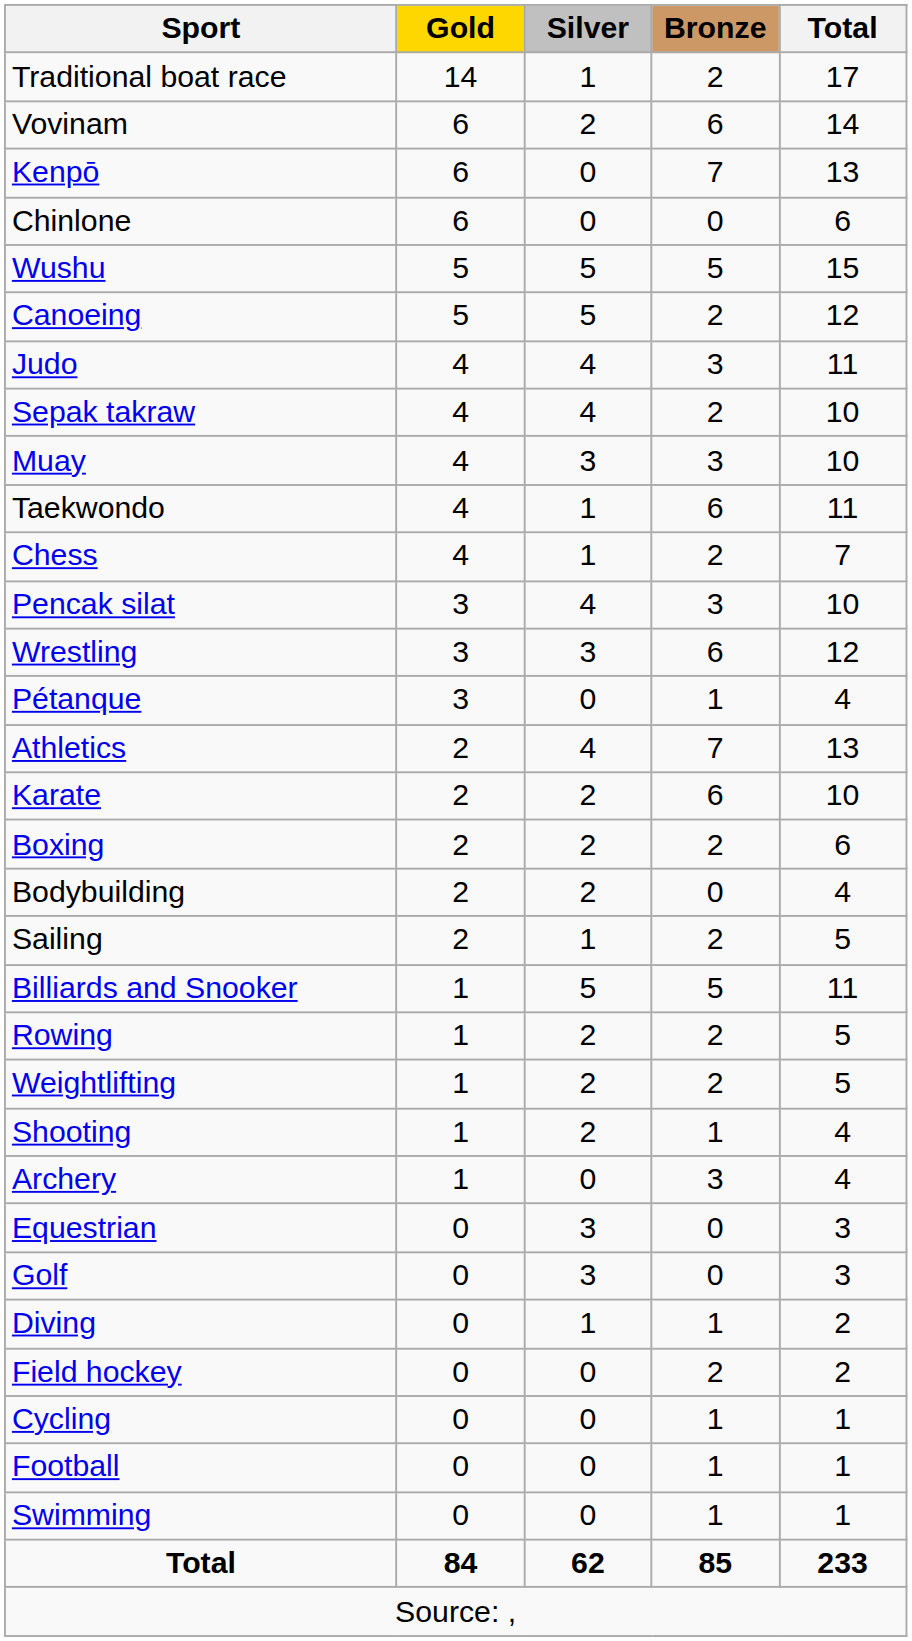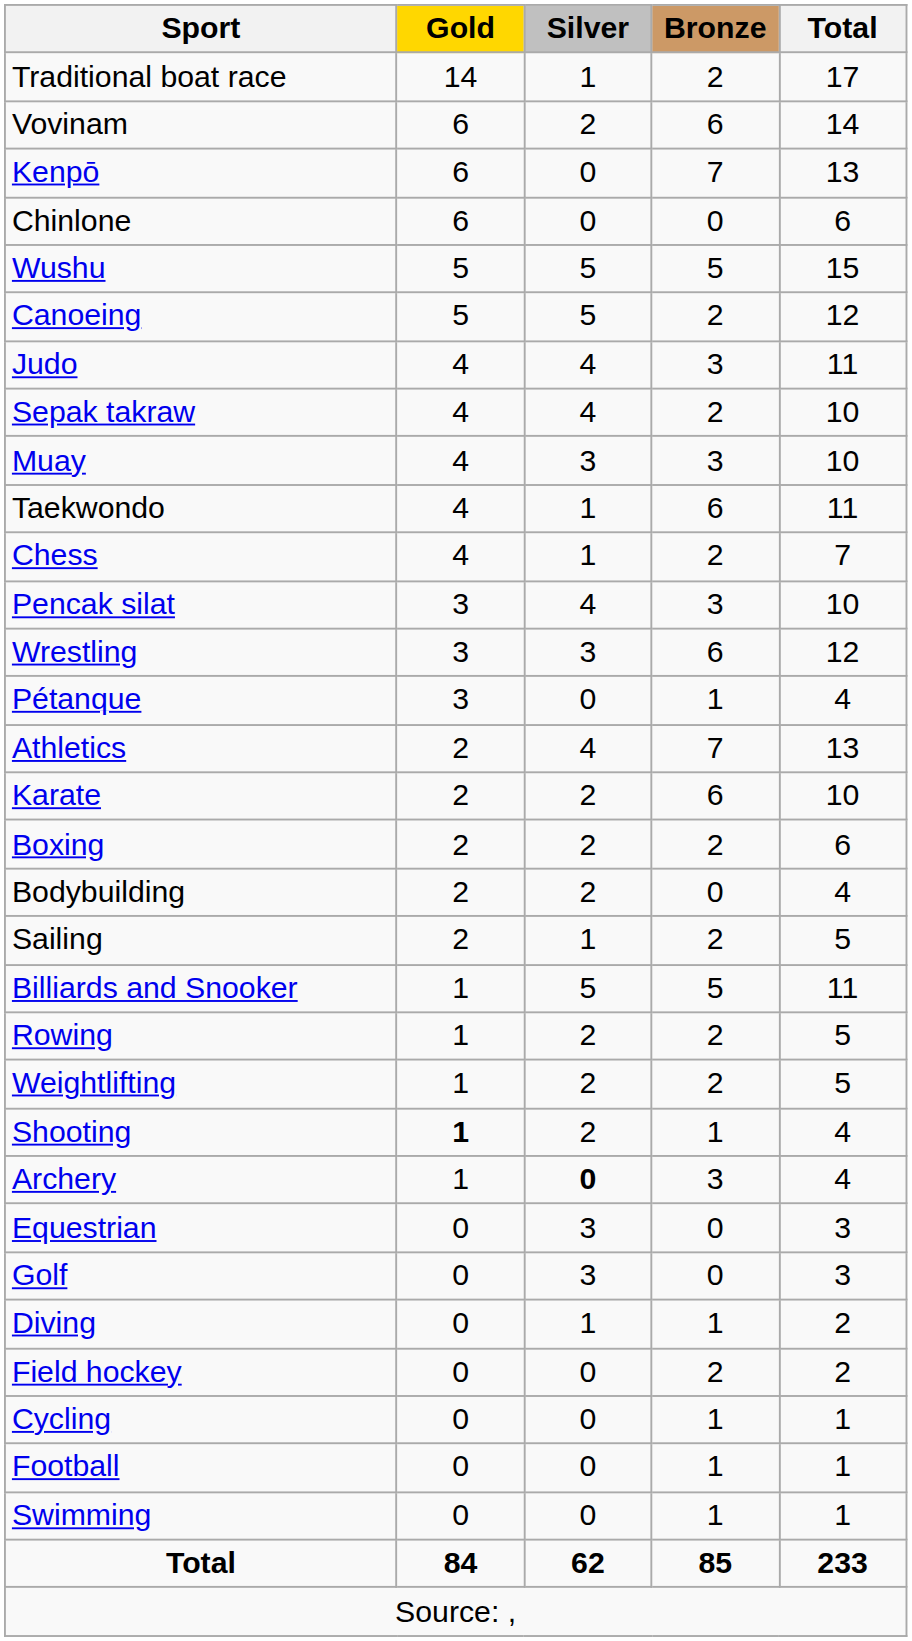 <table class="wikitable" style="text-align:center;">
 <tr>
 <th width=200>Sport</th>
 <td bgcolor=gold width=60><strong>Gold</strong></td>
 <td bgcolor=silver width=60><strong>Silver</strong></td>
 <td bgcolor=#cc9966 width=60><strong>Bronze</strong></td>
 <th width=60>Total</th>
 </tr>
 <tr>
 <td align=left>Traditional boat race</td>
 <td>14</td>
 <td>1</td>
 <td>2</td>
 <td>17</td>
 </tr>
 <tr>
 <td align=left>Vovinam</td>
 <td>6</td>
 <td>2</td>
 <td>6</td>
 <td>14</td>
 </tr>
 <tr>
 <td align=left><a href='#'>Kenpō</a></td>
 <td>6</td>
 <td>0</td>
 <td>7</td>
 <td>13</td>
 </tr>
 <tr>
 <td align=left>Chinlone</td>
 <td>6</td>
 <td>0</td>
 <td>0</td>
 <td>6</td>
 </tr>
 <tr>
 <td align=left><a href='#'>Wushu</a></td>
 <td>5</td>
 <td>5</td>
 <td>5</td>
 <td>15</td>
 </tr>
 <tr>
 <td align=left><a href='#'>Canoeing</a></td>
 <td>5</td>
 <td>5</td>
 <td>2</td>
 <td>12</td>
 </tr>
 <tr>
 <td align=left><a href='#'>Judo</a></td>
 <td>4</td>
 <td>4</td>
 <td>3</td>
 <td>11</td>
 </tr>
 <tr>
 <td align=left><a href='#'>Sepak takraw</a></td>
 <td>4</td>
 <td>4</td>
 <td>2</td>
 <td>10</td>
 </tr>
 <tr>
 <td align=left><a href='#'>Muay</a></td>
 <td>4</td>
 <td>3</td>
 <td>3</td>
 <td>10</td>
 </tr>
 <tr>
 <td align=left>Taekwondo</td>
 <td>4</td>
 <td>1</td>
 <td>6</td>
 <td>11</td>
 </tr>
 <tr>
 <td align=left><a href='#'>Chess</a></td>
 <td>4</td>
 <td>1</td>
 <td>2</td>
 <td>7</td>
 </tr>
 <tr>
 <td align=left><a href='#'>Pencak silat</a></td>
 <td>3</td>
 <td>4</td>
 <td>3</td>
 <td>10</td>
 </tr>
 <tr>
 <td align=left><a href='#'>Wrestling</a></td>
 <td>3</td>
 <td>3</td>
 <td>6</td>
 <td>12</td>
 </tr>
 <tr>
 <td align=left><a href='#'>Pétanque</a></td>
 <td>3</td>
 <td>0</td>
 <td>1</td>
 <td>4</td>
 </tr>
 <tr>
 <td align=left><a href='#'>Athletics</a></td>
 <td>2</td>
 <td>4</td>
 <td>7</td>
 <td>13</td>
 </tr>
 <tr>
 <td align=left><a href='#'>Karate</a></td>
 <td>2</td>
 <td>2</td>
 <td>6</td>
 <td>10</td>
 </tr>
 <tr>
 <td align=left><a href='#'>Boxing</a></td>
 <td>2</td>
 <td>2</td>
 <td>2</td>
 <td>6</td>
 </tr>
 <tr>
 <td align=left>Bodybuilding</td>
 <td>2</td>
 <td>2</td>
 <td>0</td>
 <td>4</td>
 </tr>
 <tr>
 <td align=left>Sailing</td>
 <td>2</td>
 <td>1</td>
 <td>2</td>
 <td>5</td>
 </tr>
 <tr>
 <td align=left><a href='#'>Billiards and Snooker</a></td>
 <td>1</td>
 <td>5</td>
 <td>5</td>
 <td>11</td>
 </tr>
 <tr>
 <td align=left><a href='#'>Rowing</a></td>
 <td>1</td>
 <td>2</td>
 <td>2</td>
 <td>5</td>
 </tr>
 <tr>
 <td align=left><a href='#'>Weightlifting</a></td>
 <td>1</td>
 <td>2</td>
 <td>2</td>
 <td>5</td>
 </tr>
 <tr>
 <td align=left><a href='#'>Shooting</a></td>
-<td>1</td>
+<td><strong>1</strong></td>
 <td>2</td>
 <td>1</td>
 <td>4</td>
 </tr>
 <tr>
 <td align=left><a href='#'>Archery</a></td>
 <td>1</td>
-<td>0</td>
+<td><strong>0</strong></td>
 <td>3</td>
 <td>4</td>
 </tr>
 <tr>
 <td align=left><a href='#'>Equestrian</a></td>
 <td>0</td>
 <td>3</td>
 <td>0</td>
 <td>3</td>
 </tr>
 <tr>
 <td align=left><a href='#'>Golf</a></td>
 <td>0</td>
 <td>3</td>
 <td>0</td>
 <td>3</td>
 </tr>
 <tr>
 <td align=left><a href='#'>Diving</a></td>
 <td>0</td>
 <td>1</td>
 <td>1</td>
 <td>2</td>
 </tr>
 <tr>
 <td align=left><a href='#'>Field hockey</a></td>
 <td>0</td>
 <td>0</td>
 <td>2</td>
 <td>2</td>
 </tr>
 <tr>
 <td align=left><a href='#'>Cycling</a></td>
 <td>0</td>
 <td>0</td>
 <td>1</td>
 <td>1</td>
 </tr>
 <tr>
 <td align=left><a href='#'>Football</a></td>
 <td>0</td>
 <td>0</td>
 <td>1</td>
 <td>1</td>
 </tr>
 <tr>
 <td align=left><a href='#'>Swimming</a></td>
 <td>0</td>
 <td>0</td>
 <td>1</td>
 <td>1</td>
 </tr>
 <tr class="sortbottom">
 <td align=center><strong>Total</strong></td>
 <td><strong>84</strong></td>
 <td><strong>62</strong></td>
 <td><strong>85</strong></td>
 <td><strong>233</strong></td>
 </tr>
 <tr>
 <td colspan=5>Source: , </td>
 </tr>
 </table>
